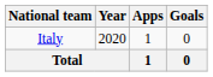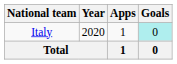 <table class="wikitable" style="text-align:center">
 <tr>
 <th>National team</th>
 <th>Year</th>
 <th>Apps</th>
 <th>Goals</th>
 </tr>
 <tr>
 <td><a href='#'>Italy</a></td>
 <td>2020</td>
 <td>1</td>
-<td>0</td>
+<td style="background: paleturquoise;">0</td>
 </tr>
 <tr>
 <th colspan="2">Total</th>
 <th>1</th>
 <th>0</th>
 </tr>
 </table>
